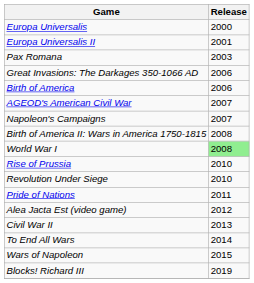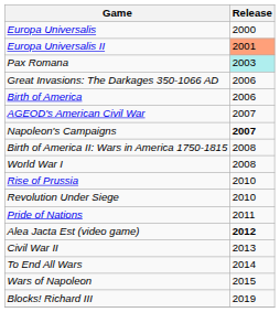 <table class="wikitable">
 <tr>
 <th>Game</th>
 <th>Release</th>
 </tr>
 <tr>
 <td><em><a href='#'>Europa Universalis</a></em></td>
 <td>2000</td>
 </tr>
 <tr>
 <td><em><a href='#'>Europa Universalis II</a></em></td>
-<td>2001</td>
+<td style="background: lightsalmon;">2001</td>
 </tr>
 <tr>
 <td><em>Pax Romana</em></td>
-<td>2003</td>
+<td style="background: paleturquoise;">2003</td>
 </tr>
 <tr>
 <td><em>Great Invasions: The Darkages 350-1066 AD</em></td>
 <td>2006</td>
 </tr>
 <tr>
 <td><em><a href='#'>Birth of America</a></em></td>
 <td>2006</td>
 </tr>
 <tr>
 <td><em><a href='#'>AGEOD's American Civil War</a></em></td>
 <td>2007</td>
 </tr>
 <tr |->
 <td><em>Napoleon's Campaigns</em></td>
-<td>2007</td>
+<td><strong>2007</strong></td>
 </tr>
 <tr>
 <td><em>Birth of America II: Wars in America 1750-1815</em></td>
 <td>2008</td>
 </tr>
 <tr>
 <td><em>World War I</em></td>
-<td style="background: lightgreen;">2008</td>
+<td>2008</td>
 </tr>
 <tr |->
 <td><em><a href='#'>Rise of Prussia</a></em></td>
 <td>2010</td>
 </tr>
 <tr>
 <td><em>Revolution Under Siege</em></td>
 <td>2010</td>
 </tr>
 <tr>
 <td><em><a href='#'>Pride of Nations</a></em></td>
 <td>2011</td>
 </tr>
 <tr>
 <td><em>Alea Jacta Est (video game)</em></td>
-<td>2012</td>
+<td><strong>2012</strong></td>
 </tr>
 <tr>
 <td><em>Civil War II</em></td>
 <td>2013</td>
 </tr>
 <tr>
 <td><em>To End All Wars</em></td>
 <td>2014</td>
 </tr>
 <tr>
 <td><em>Wars of Napoleon</em></td>
 <td>2015</td>
 </tr>
 <tr>
 <td><em>Blocks! Richard III</em></td>
 <td>2019</td>
 </tr>
 <tr>
 </tr>
 </table>
